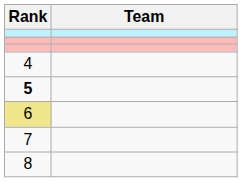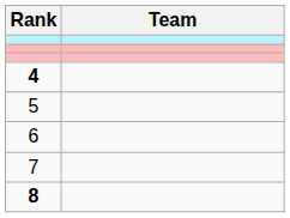 <table class="wikitable">
 <tr>
 <th style="width: 40px;">Rank</th>
 <th style="width: 180px;">Team</th>
 </tr>
 <tr style="background: #BBF3FF;">
 <td style="text-align: center;"></td>
 <td></td>
 </tr>
 <tr style="background: #FFBBBB;">
 <td style="text-align: center;"></td>
 <td></td>
 </tr>
 <tr style="background: #FFBBBB;">
 <td style="text-align: center;"></td>
 <td></td>
 </tr>
 <tr>
-<td style="text-align: center;">4</td>
+<td style="text-align: center;"><strong>4</strong></td>
 <td></td>
 </tr>
 <tr>
-<td style="text-align: center;"><strong>5</strong></td>
+<td style="text-align: center;">5</td>
 <td></td>
 </tr>
 <tr>
-<td style="background: khaki; text-align: center;">6</td>
+<td style="text-align: center;">6</td>
 <td></td>
 </tr>
 <tr>
 <td style="text-align: center;">7</td>
 <td></td>
 </tr>
 <tr>
-<td style="text-align: center;">8</td>
+<td style="text-align: center;"><strong>8</strong></td>
 <td></td>
 </tr>
 </table>
